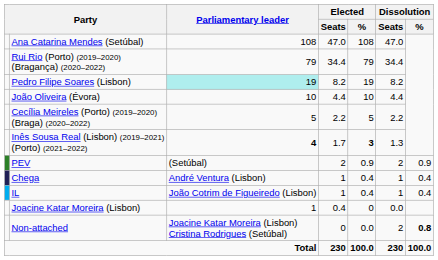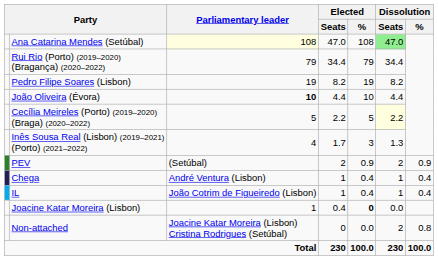 <table class="wikitable" style="text-align:right; font-size:95%;">
 <tr>
 <th colspan="2" rowspan="2">Party</th>
 <th rowspan="2"><a href='#'>Parliamentary leader</a></th>
 <th colspan="2">Elected</th>
 <th colspan="2">Dissolution</th>
 </tr>
 <tr>
 <th>Seats</th>
 <th>%</th>
 <th>Seats</th>
 <th>%</th>
 </tr>
 <tr>
 <td></td>
 <td align="left"><a href='#'>Ana Catarina Mendes</a> (Setúbal)</td>
-<td align="right">108</td>
+<td align="right" style="background: lightyellow;">108</td>
 <td align="right">47.0</td>
 <td align="right">108</td>
-<td align="right">47.0</td>
+<td align="right" style="background: lightgreen;">47.0</td>
 </tr>
 <tr>
 <td></td>
 <td align="left"><a href='#'>Rui Rio</a> (Porto) <small>(2019–2020)</small><br> (Bragança) <small>(2020–2022)</small></td>
 <td align="right">79</td>
 <td align="right">34.4</td>
 <td align="right">79</td>
 <td align="right">34.4</td>
 </tr>
 <tr>
 <td></td>
 <td align="left"><a href='#'>Pedro Filipe Soares</a> (Lisbon)</td>
-<td align="right" style="background: paleturquoise;">19</td>
+<td align="right">19</td>
 <td align="right">8.2</td>
 <td align="right">19</td>
 <td align="right">8.2</td>
 </tr>
 <tr>
 <td></td>
 <td align="left"><a href='#'>João Oliveira</a> (Évora)</td>
-<td align="right">10</td>
+<td align="right"><strong>10</strong></td>
 <td align="right">4.4</td>
 <td align="right">10</td>
 <td align="right">4.4</td>
 </tr>
 <tr>
 <td></td>
 <td align="left"><a href='#'>Cecília Meireles</a> (Porto) <small>(2019–2020)</small><br> (Braga) <small>(2020–2022)</small></td>
 <td align="right">5</td>
 <td align="right">2.2</td>
 <td align="right">5</td>
-<td align="right">2.2</td>
+<td align="right" style="background: lightyellow;">2.2</td>
 </tr>
 <tr>
 <td></td>
 <td align="left"><a href='#'>Inês Sousa Real</a> (Lisbon) <small>(2019–2021)</small><br> (Porto) <small>(2021–2022)</small></td>
-<td align="right"><strong>4</strong></td>
+<td align="right">4</td>
 <td align="right">1.7</td>
-<td align="right"><strong>3</strong></td>
+<td align="right">3</td>
 <td align="right">1.3</td>
 </tr>
 <tr>
 <td style="width:1px; background:#2C8028; text-align:center;"></td>
 <td style="text-align:left;"><a href='#'>PEV</a></td>
 <td align="left"> (Setúbal)</td>
 <td align="right">2</td>
 <td align="right">0.9</td>
 <td align="right">2</td>
 <td align="right">0.9</td>
 </tr>
 <tr>
 <td style="width:1px; background:#202056; text-align:center;"></td>
 <td style="text-align:left;"><a href='#'>Chega</a></td>
 <td align="left"><a href='#'>André Ventura</a> (Lisbon)</td>
 <td align="right">1</td>
 <td align="right">0.4</td>
 <td align="right">1</td>
 <td align="right">0.4</td>
 </tr>
 <tr>
 <td style="width:1px; background:#00ADEF; text-align:center;"></td>
 <td style="text-align:left;"><a href='#'>IL</a></td>
 <td align="left"><a href='#'>João Cotrim de Figueiredo</a> (Lisbon)</td>
 <td align="right">1</td>
 <td align="right">0.4</td>
 <td align="right">1</td>
 <td align="right">0.4</td>
 </tr>
 <tr>
 <td></td>
 <td align="left"><a href='#'>Joacine Katar Moreira</a> (Lisbon)</td>
 <td align="right">1</td>
 <td align="right">0.4</td>
-<td align="right">0</td>
+<td align="right"><strong>0</strong></td>
 <td align="right">0.0</td>
 </tr>
 <tr>
 <td style="width:1px; background:"></td>
 <td style="text-align:left;"><a href='#'>Non-attached</a></td>
 <td align="left"><a href='#'>Joacine Katar Moreira</a> (Lisbon)<br><a href='#'>Cristina Rodrigues</a> (Setúbal)</td>
 <td align="right">0</td>
 <td align="right">0.0</td>
 <td align="right">2</td>
-<td align="right"><strong>0.8</strong></td>
+<td align="right">0.8</td>
 </tr>
 <tr>
 <td colspan="3"> <strong>Total</strong></td>
 <td align="right"><strong>230</strong></td>
 <td align="right"><strong>100.0</strong></td>
 <td align="right"><strong>230</strong></td>
 <td align="right"><strong>100.0</strong></td>
 </tr>
 </table>
